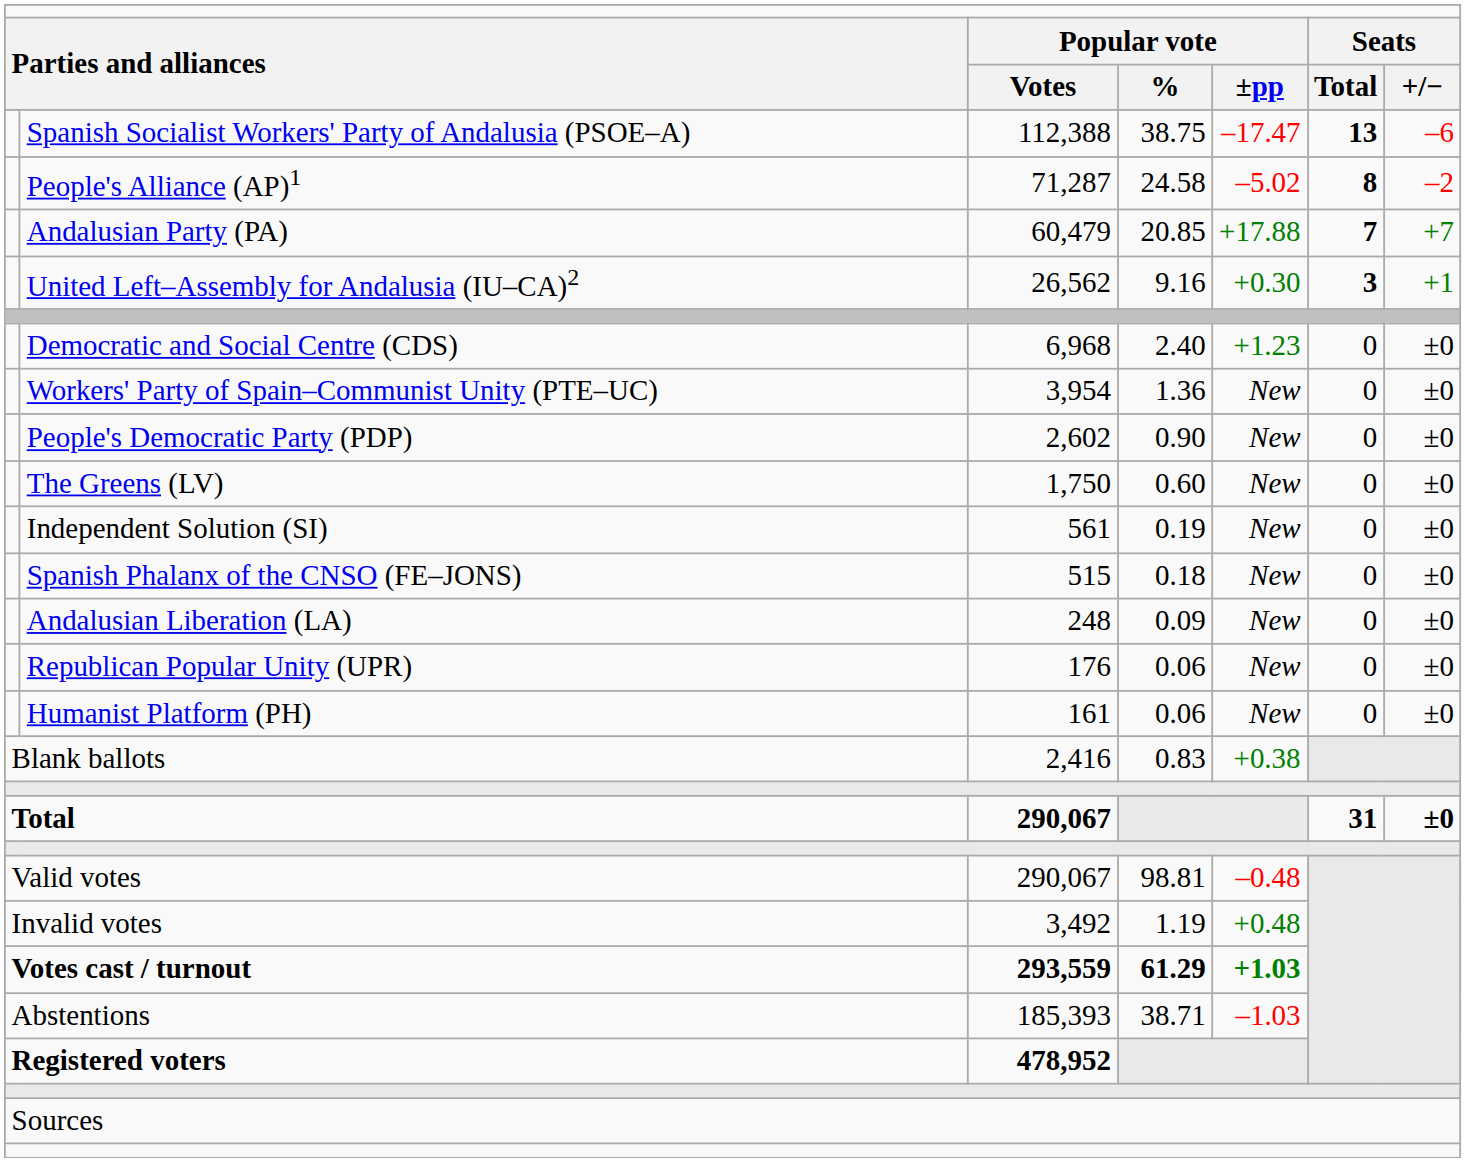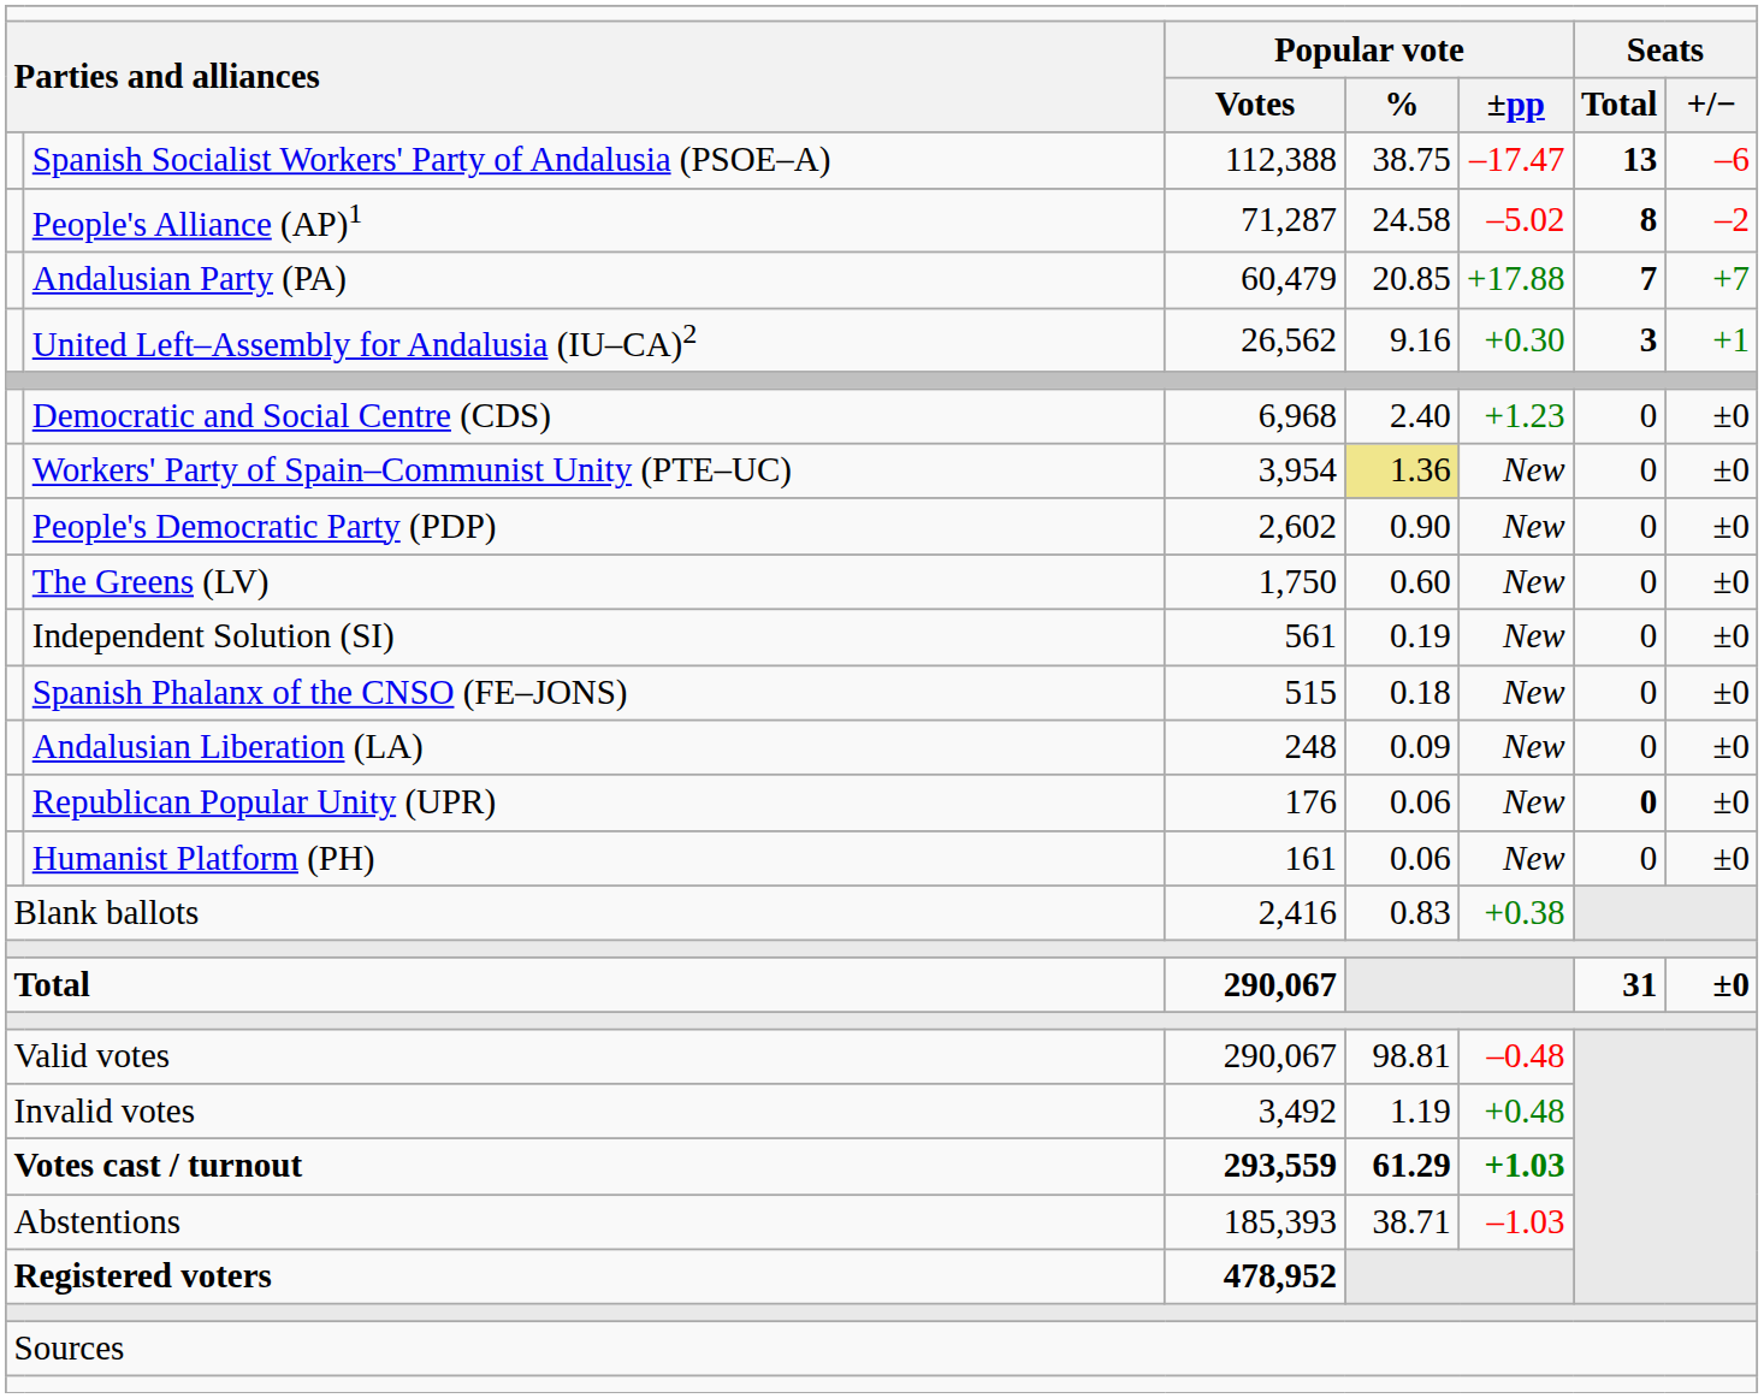 <table class="wikitable" style="text-align:right;">
 <tr>
 <td colspan="7"></td>
 </tr>
 <tr>
 <th style="text-align:left;" rowspan="2" colspan="2" width="525">Parties and alliances</th>
 <th colspan="3">Popular vote</th>
 <th colspan="2">Seats</th>
 </tr>
 <tr>
 <th width="75">Votes</th>
 <th width="45">%</th>
 <th width="45">±<a href='#'>pp</a></th>
 <th width="35">Total</th>
 <th width="35">+/−</th>
 </tr>
 <tr>
 <td width="1" style="color:inherit;background:"></td>
 <td align="left"><a href='#'>Spanish Socialist Workers' Party of Andalusia</a> (PSOE–A)</td>
 <td>112,388</td>
 <td>38.75</td>
 <td style="color:red;">–17.47</td>
 <td><strong>13</strong></td>
 <td style="color:red;">–6</td>
 </tr>
 <tr>
 <td style="color:inherit;background:"></td>
 <td align="left"><a href='#'>People's Alliance</a> (AP)<sup>1</sup></td>
 <td>71,287</td>
 <td>24.58</td>
 <td style="color:red;">–5.02</td>
 <td><strong>8</strong></td>
 <td style="color:red;">–2</td>
 </tr>
 <tr>
 <td style="color:inherit;background:"></td>
 <td align="left"><a href='#'>Andalusian Party</a> (PA)</td>
 <td>60,479</td>
 <td>20.85</td>
 <td style="color:green;">+17.88</td>
 <td><strong>7</strong></td>
 <td style="color:green;">+7</td>
 </tr>
 <tr>
 <td style="color:inherit;background:"></td>
 <td align="left"><a href='#'>United Left–Assembly for Andalusia</a> (IU–CA)<sup>2</sup></td>
 <td>26,562</td>
 <td>9.16</td>
 <td style="color:green;">+0.30</td>
 <td><strong>3</strong></td>
 <td style="color:green;">+1</td>
 </tr>
 <tr>
 <td colspan="7" bgcolor="#C0C0C0"></td>
 </tr>
 <tr>
 <td style="color:inherit;background:"></td>
 <td align="left"><a href='#'>Democratic and Social Centre</a> (CDS)</td>
 <td>6,968</td>
 <td>2.40</td>
 <td style="color:green;">+1.23</td>
 <td>0</td>
 <td>±0</td>
 </tr>
 <tr>
 <td style="color:inherit;background:"></td>
 <td align="left"><a href='#'>Workers' Party of Spain–Communist Unity</a> (PTE–UC)</td>
 <td>3,954</td>
-<td>1.36</td>
+<td style="background: khaki;">1.36</td>
 <td><em>New</em></td>
 <td>0</td>
 <td>±0</td>
 </tr>
 <tr>
 <td style="color:inherit;background:"></td>
 <td align="left"><a href='#'>People's Democratic Party</a> (PDP)</td>
 <td>2,602</td>
 <td>0.90</td>
 <td><em>New</em></td>
 <td>0</td>
 <td>±0</td>
 </tr>
 <tr>
 <td style="color:inherit;background:"></td>
 <td align="left"><a href='#'>The Greens</a> (LV)</td>
 <td>1,750</td>
 <td>0.60</td>
 <td><em>New</em></td>
 <td>0</td>
 <td>±0</td>
 </tr>
 <tr>
 <td style="color:inherit;background:"></td>
 <td align="left">Independent Solution (SI)</td>
 <td>561</td>
 <td>0.19</td>
 <td><em>New</em></td>
 <td>0</td>
 <td>±0</td>
 </tr>
 <tr>
 <td style="color:inherit;background:"></td>
 <td align="left"><a href='#'>Spanish Phalanx of the CNSO</a> (FE–JONS)</td>
 <td>515</td>
 <td>0.18</td>
 <td><em>New</em></td>
 <td>0</td>
 <td>±0</td>
 </tr>
 <tr>
 <td style="color:inherit;background:"></td>
 <td align="left"><a href='#'>Andalusian Liberation</a> (LA)</td>
 <td>248</td>
 <td>0.09</td>
 <td><em>New</em></td>
 <td>0</td>
 <td>±0</td>
 </tr>
 <tr>
 <td style="color:inherit;background:"></td>
 <td align="left"><a href='#'>Republican Popular Unity</a> (UPR)</td>
 <td>176</td>
 <td>0.06</td>
 <td><em>New</em></td>
-<td>0</td>
+<td><strong>0</strong></td>
 <td>±0</td>
 </tr>
 <tr>
 <td style="color:inherit;background:"></td>
 <td align="left"><a href='#'>Humanist Platform</a> (PH)</td>
 <td>161</td>
 <td>0.06</td>
 <td><em>New</em></td>
 <td>0</td>
 <td>±0</td>
 </tr>
 <tr>
 <td align="left" colspan="2">Blank ballots</td>
 <td>2,416</td>
 <td>0.83</td>
 <td style="color:green;">+0.38</td>
 <td bgcolor="#E9E9E9" colspan="2"></td>
 </tr>
 <tr>
 <td colspan="7" bgcolor="#E9E9E9"></td>
 </tr>
 <tr style="font-weight:bold;">
 <td align="left" colspan="2">Total</td>
 <td>290,067</td>
 <td bgcolor="#E9E9E9" colspan="2"></td>
 <td>31</td>
 <td>±0</td>
 </tr>
 <tr>
 <td colspan="7" bgcolor="#E9E9E9"></td>
 </tr>
 <tr>
 <td align="left" colspan="2">Valid votes</td>
 <td>290,067</td>
 <td>98.81</td>
 <td style="color:red;">–0.48</td>
 <td bgcolor="#E9E9E9" colspan="2" rowspan="5"></td>
 </tr>
 <tr>
 <td align="left" colspan="2">Invalid votes</td>
 <td>3,492</td>
 <td>1.19</td>
 <td style="color:green;">+0.48</td>
 </tr>
 <tr style="font-weight:bold;">
 <td align="left" colspan="2">Votes cast / turnout</td>
 <td>293,559</td>
 <td>61.29</td>
 <td style="color:green;">+1.03</td>
 </tr>
 <tr>
 <td align="left" colspan="2">Abstentions</td>
 <td>185,393</td>
 <td>38.71</td>
 <td style="color:red;">–1.03</td>
 </tr>
 <tr style="font-weight:bold;">
 <td align="left" colspan="2">Registered voters</td>
 <td>478,952</td>
 <td bgcolor="#E9E9E9" colspan="2"></td>
 </tr>
 <tr>
 <td colspan="7" bgcolor="#E9E9E9"></td>
 </tr>
 <tr>
 <td align="left" colspan="7">Sources</td>
 </tr>
 <tr>
 <td colspan="7" style="text-align:left; max-width:790px;"></td>
 </tr>
 </table>
